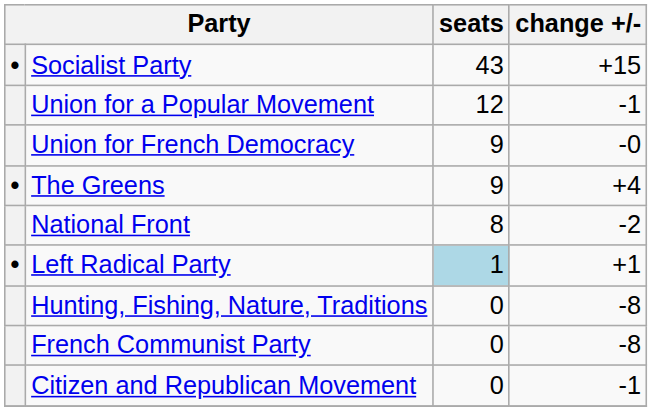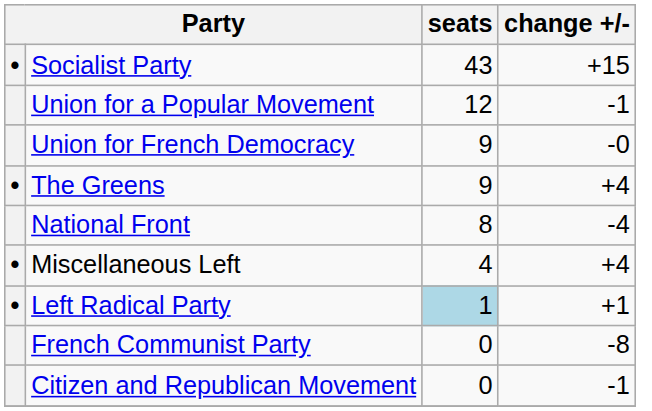 <table class="wikitable">
 <tr>
 <th colspan=2>Party</th>
 <th>seats</th>
 <th>change +/-</th>
 </tr>
 <tr>
 <th style="background-color: "><span>•</span></th>
 <td><a href='#'>Socialist Party</a></td>
 <td align="right">43</td>
 <td align="right">+15</td>
 </tr>
 <tr>
 <th style="background-color: "></th>
 <td><a href='#'>Union for a Popular Movement</a></td>
 <td align="right">12</td>
 <td align="right">-1</td>
 </tr>
 <tr>
 <th style="background-color: "></th>
 <td><a href='#'>Union for French Democracy</a></td>
 <td align="right">9</td>
 <td align="right">-0</td>
 </tr>
 <tr>
 <th style="background-color: "><span>•</span></th>
 <td><a href='#'>The Greens</a></td>
 <td align="right">9</td>
 <td align="right">+4</td>
 </tr>
 <tr>
 <th style="background-color: "></th>
 <td><a href='#'>National Front</a></td>
 <td align="right">8</td>
-<td align="right">-2</td>
+<td align="right">-4</td>
+</tr>
+<tr>
+<th style="background-color: "><span>•</span></th>
+<td>Miscellaneous Left</td>
+<td align="right">4</td>
+<td align="right">+4</td>
 </tr>
 <tr>
 <th style="background-color: "><span>•</span></th>
 <td><a href='#'>Left Radical Party</a></td>
 <td align="right" style="background: lightblue;">1</td>
 <td align="right">+1</td>
-</tr>
-<tr>
-<th style="background-color: "></th>
-<td><a href='#'>Hunting, Fishing, Nature, Traditions</a></td>
-<td align="right">0</td>
-<td align="right">-8</td>
 </tr>
 <tr>
 <th style="background-color: "></th>
 <td><a href='#'>French Communist Party</a></td>
 <td align="right">0</td>
 <td align="right">-8</td>
 </tr>
 <tr>
 <th style="background-color: "></th>
 <td><a href='#'>Citizen and Republican Movement</a></td>
 <td align="right">0</td>
 <td align="right">-1</td>
 </tr>
 <tr>
 </tr>
 </table>
